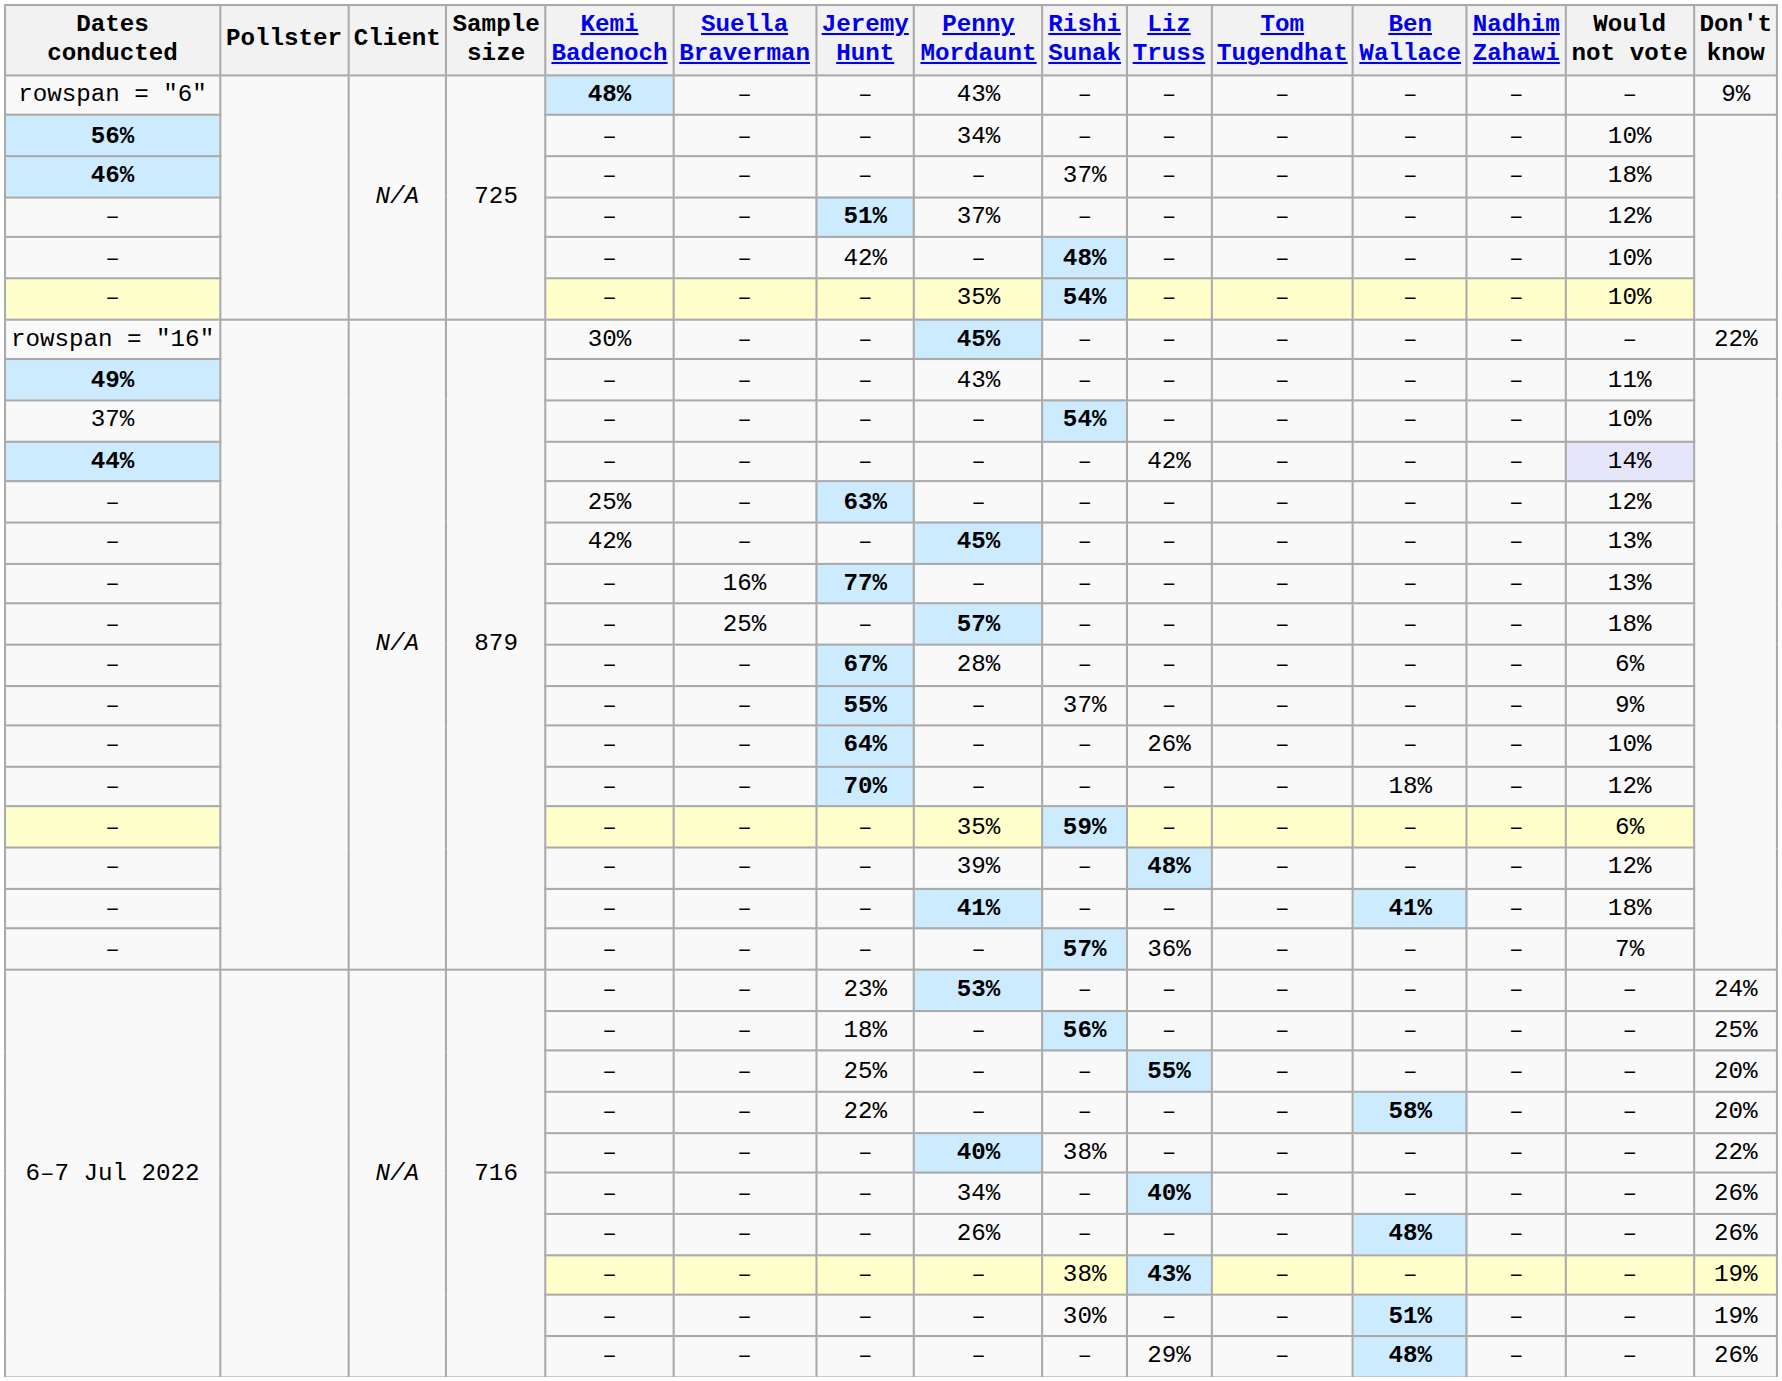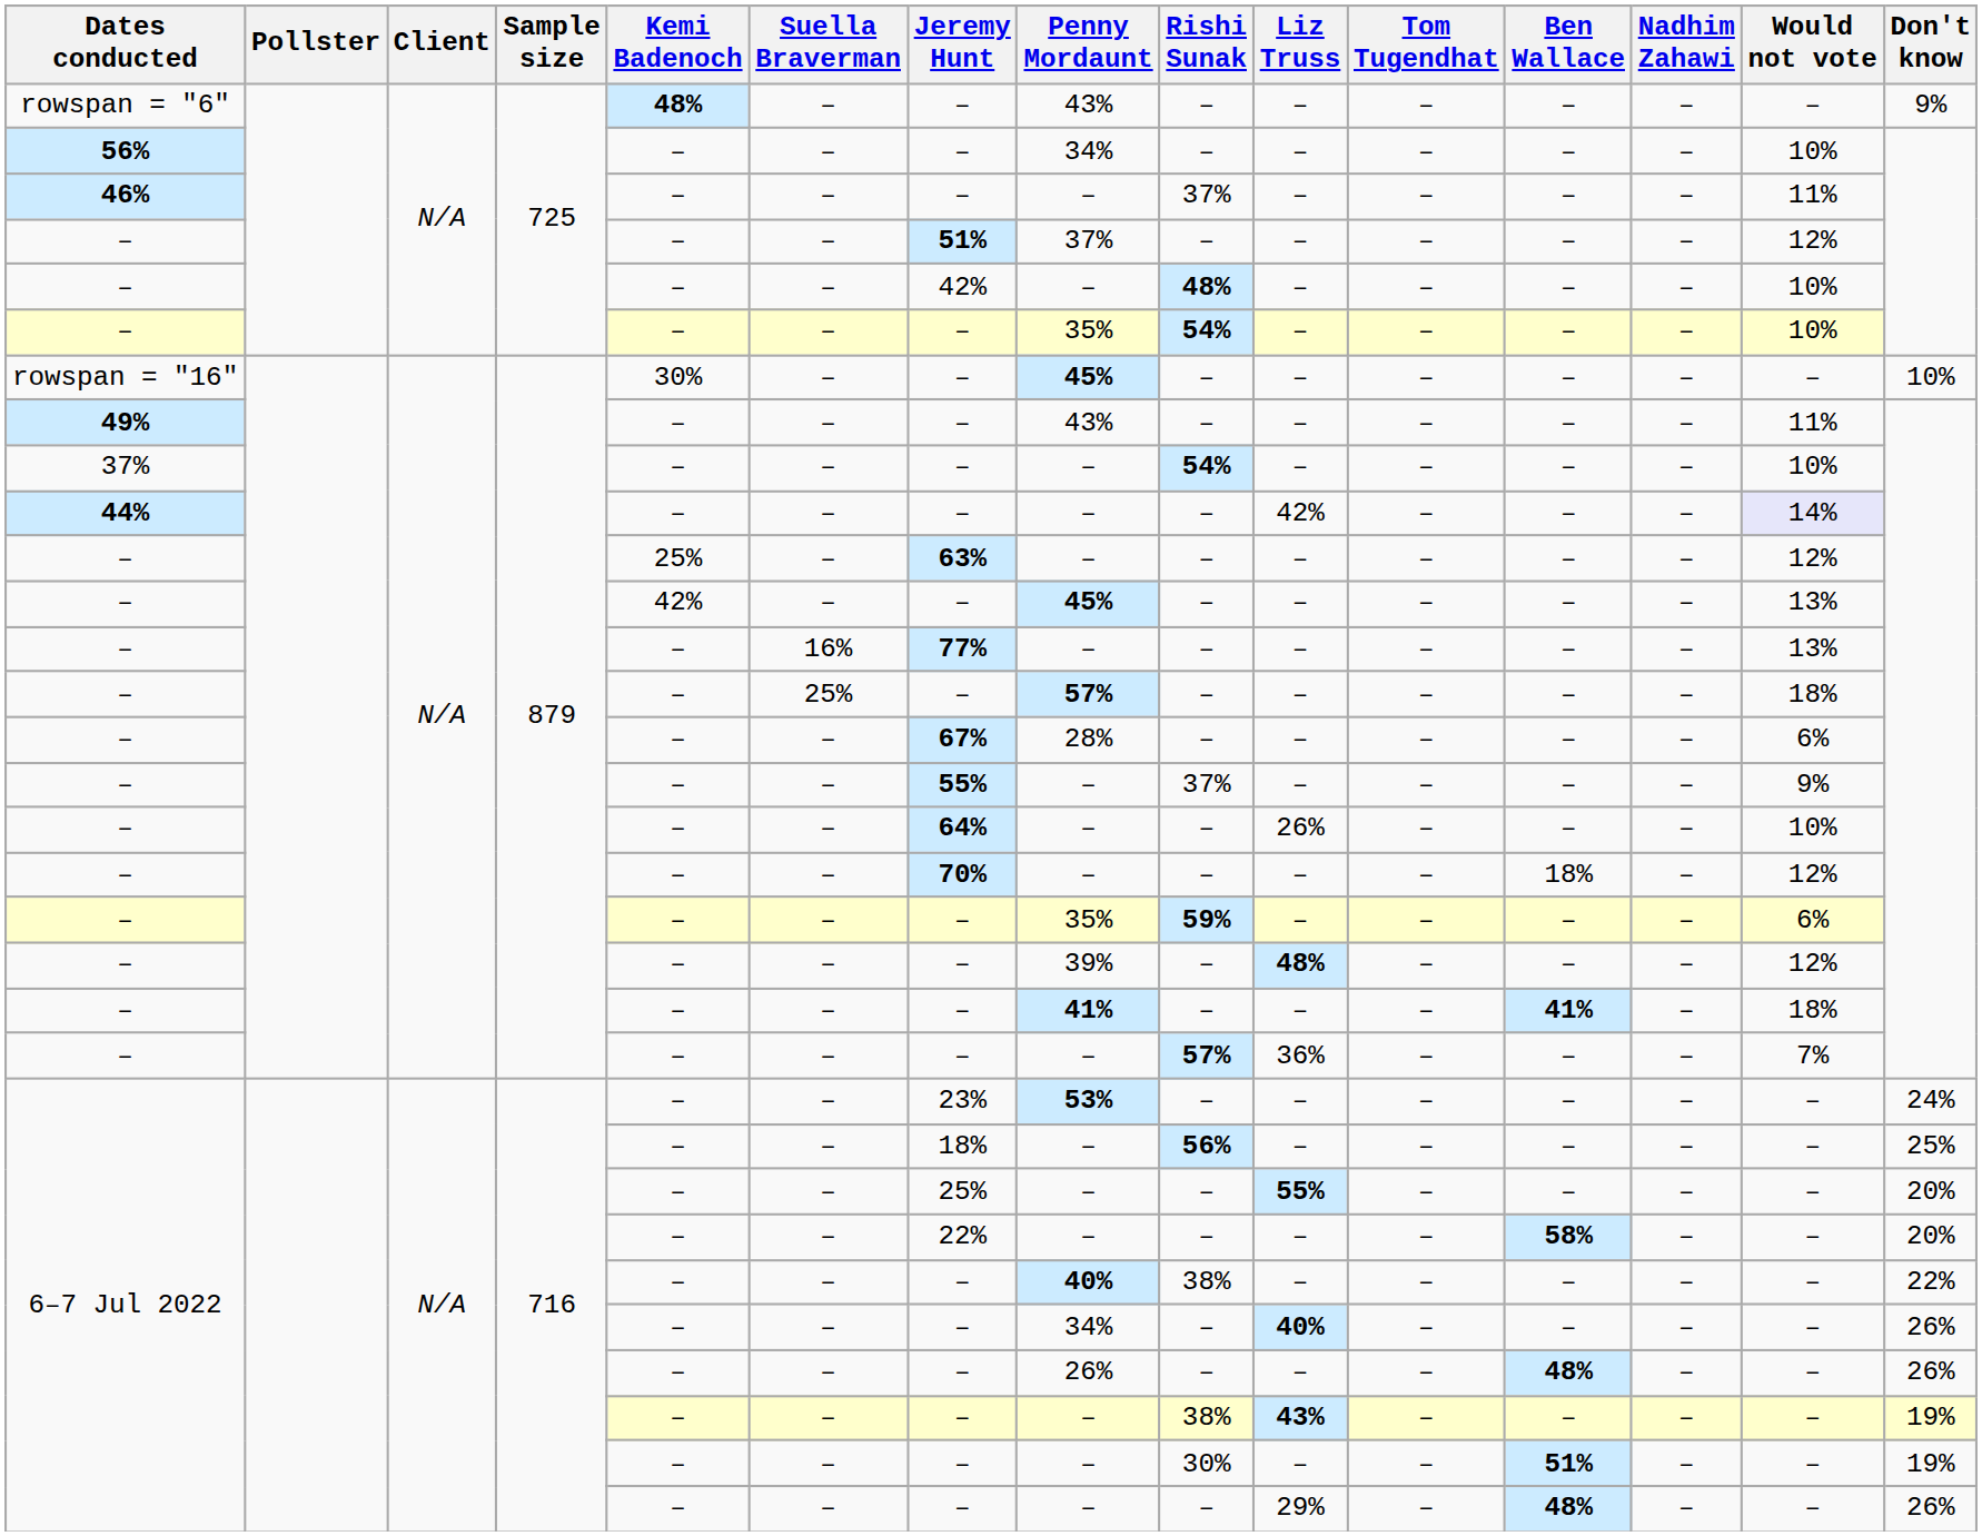 <table class="wikitable" style="font-size:90%;text-align:center">
 <tr>
 <th>Dates<br>conducted</th>
 <th>Pollster</th>
 <th>Client</th>
 <th>Sample<br>size</th>
 <th><a href='#'>Kemi<br>Badenoch</a></th>
 <th><a href='#'>Suella<br>Braverman</a></th>
 <th><a href='#'>Jeremy<br>Hunt</a></th>
 <th><a href='#'>Penny<br>Mordaunt</a></th>
 <th><a href='#'>Rishi<br>Sunak</a></th>
 <th><a href='#'>Liz<br>Truss</a></th>
 <th><a href='#'>Tom<br>Tugendhat</a></th>
 <th><a href='#'>Ben<br>Wallace</a></th>
 <th><a href='#'>Nadhim<br>Zahawi</a></th>
 <th>Would<br>not vote</th>
 <th>Don't<br>know</th>
 </tr>
 <tr>
 <td>rowspan = "6" </td>
 <td rowspan = "6"></td>
 <td rowspan = "6"><em>N/A</em></td>
 <td rowspan = "6">725</td>
 <td style = "background:#CCEBFF;color:black;"><strong>48%</strong></td>
 <td>–</td>
 <td>–</td>
 <td>43%</td>
 <td>–</td>
 <td>–</td>
 <td>–</td>
 <td>–</td>
 <td>–</td>
 <td>–</td>
 <td>9%</td>
 </tr>
 <tr>
 <td style = "background:#CCEBFF;color:black;"><strong>56%</strong></td>
 <td>–</td>
 <td>–</td>
 <td>–</td>
 <td>34%</td>
 <td>–</td>
 <td>–</td>
 <td>–</td>
 <td>–</td>
 <td>–</td>
 <td>10%</td>
 </tr>
 <tr>
 <td style = "background:#CCEBFF;color:black;"><strong>46%</strong></td>
 <td>–</td>
 <td>–</td>
 <td>–</td>
 <td>–</td>
 <td>37% </td>
 <td>–</td>
 <td>–</td>
 <td>–</td>
 <td>–</td>
-<td>18%</td>
+<td>11%</td>
 </tr>
 <tr>
 <td>–</td>
 <td>–</td>
 <td>–</td>
 <td style = "background:#CCEBFF;color:black;"><strong>51%</strong></td>
 <td>37%</td>
 <td>–</td>
 <td>–</td>
 <td>–</td>
 <td>–</td>
 <td>–</td>
 <td>12%</td>
 </tr>
 <tr>
 <td>–</td>
 <td>–</td>
 <td>–</td>
 <td>42%</td>
 <td>–</td>
 <td style = "background:#CCEBFF;color:black;"><strong>48%</strong></td>
 <td>–</td>
 <td>–</td>
 <td>–</td>
 <td>–</td>
 <td>10%</td>
 </tr>
 <tr style = "background:#FFFFCC;">
 <td>–</td>
 <td>–</td>
 <td>–</td>
 <td>–</td>
 <td>35%</td>
 <td style = "background:#CCEBFF;color:black;"><strong>54%</strong></td>
 <td>–</td>
 <td>–</td>
 <td>–</td>
 <td>–</td>
 <td>10%</td>
 </tr>
 <tr>
 <td>rowspan = "16" </td>
 <td rowspan = "16"></td>
 <td rowspan = "16"><em>N/A</em></td>
 <td rowspan = "16">879</td>
 <td>30% </td>
 <td>–</td>
 <td>–</td>
 <td style = "background:#CCEBFF;color:black;"><strong>45%</strong> </td>
 <td>–</td>
 <td>–</td>
 <td>–</td>
 <td>–</td>
 <td>–</td>
 <td>–</td>
-<td>22%</td>
+<td>10%</td>
 </tr>
 <tr>
 <td style = "background:#CCEBFF;color:black;"><strong>49%</strong> </td>
 <td>–</td>
 <td>–</td>
 <td>–</td>
 <td>43%</td>
 <td>–</td>
 <td>–</td>
 <td>–</td>
 <td>–</td>
 <td>–</td>
 <td>11%</td>
 </tr>
 <tr>
 <td>37% </td>
 <td>–</td>
 <td>–</td>
 <td>–</td>
 <td>–</td>
 <td style = "background:#CCEBFF;color:black;"><strong>54%</strong> </td>
 <td>–</td>
 <td>–</td>
 <td>–</td>
 <td>–</td>
 <td>10%</td>
 </tr>
 <tr>
 <td style = "background:#CCEBFF;color:black;"><strong>44%</strong> </td>
 <td>–</td>
 <td>–</td>
 <td>–</td>
 <td>–</td>
 <td>–</td>
 <td>42% </td>
 <td>–</td>
 <td>–</td>
 <td>–</td>
 <td style="background: lavender;">14%</td>
 </tr>
 <tr>
 <td>–</td>
 <td>25% </td>
 <td>–</td>
 <td style = "background:#CCEBFF;color:black;"><strong>63%</strong> </td>
 <td>–</td>
 <td>–</td>
 <td>–</td>
 <td>–</td>
 <td>–</td>
 <td>–</td>
 <td>12%</td>
 </tr>
 <tr>
 <td>–</td>
 <td>42% </td>
 <td>–</td>
 <td>–</td>
 <td style = "background:#CCEBFF;color:black;"><strong>45%</strong> </td>
 <td>–</td>
 <td>–</td>
 <td>–</td>
 <td>–</td>
 <td>–</td>
 <td>13%</td>
 </tr>
 <tr>
 <td>–</td>
 <td>–</td>
 <td>16% </td>
 <td style = "background:#CCEBFF;color:black;"><strong>77%</strong> </td>
 <td>–</td>
 <td>–</td>
 <td>–</td>
 <td>–</td>
 <td>–</td>
 <td>–</td>
 <td>13%</td>
 </tr>
 <tr>
 <td>–</td>
 <td>–</td>
 <td>25% </td>
 <td>–</td>
 <td style = "background:#CCEBFF;color:black;"><strong>57%</strong> </td>
 <td>–</td>
 <td>–</td>
 <td>–</td>
 <td>–</td>
 <td>–</td>
 <td>18%</td>
 </tr>
 <tr>
 <td>–</td>
 <td>–</td>
 <td>–</td>
 <td style = "background:#CCEBFF;color:black;"><strong>67%</strong> </td>
 <td>28% </td>
 <td>–</td>
 <td>–</td>
 <td>–</td>
 <td>–</td>
 <td>–</td>
 <td>6%</td>
 </tr>
 <tr>
 <td>–</td>
 <td>–</td>
 <td>–</td>
 <td style = "background:#CCEBFF;color:black;"><strong>55%</strong> </td>
 <td>–</td>
 <td>37% </td>
 <td>–</td>
 <td>–</td>
 <td>–</td>
 <td>–</td>
 <td>9%</td>
 </tr>
 <tr>
 <td>–</td>
 <td>–</td>
 <td>–</td>
 <td style = "background:#CCEBFF;color:black;"><strong>64%</strong> </td>
 <td>–</td>
 <td>–</td>
 <td>26% </td>
 <td>–</td>
 <td>–</td>
 <td>–</td>
 <td>10%</td>
 </tr>
 <tr>
 <td>–</td>
 <td>–</td>
 <td>–</td>
 <td style = "background:#CCEBFF;color:black;"><strong>70%</strong> </td>
 <td>–</td>
 <td>–</td>
 <td>–</td>
 <td>–</td>
 <td>18% </td>
 <td>–</td>
 <td>12%</td>
 </tr>
 <tr style = "background:#FFFFCC;">
 <td>–</td>
 <td>–</td>
 <td>–</td>
 <td>–</td>
 <td>35% </td>
 <td style = "background:#CCEBFF;color:black;"><strong>59%</strong> </td>
 <td>–</td>
 <td>–</td>
 <td>–</td>
 <td>–</td>
 <td>6%</td>
 </tr>
 <tr>
 <td>–</td>
 <td>–</td>
 <td>–</td>
 <td>–</td>
 <td>39% </td>
 <td>–</td>
 <td style = "background:#CCEBFF;color:black;"><strong>48%</strong> </td>
 <td>–</td>
 <td>–</td>
 <td>–</td>
 <td>12%</td>
 </tr>
 <tr>
 <td>–</td>
 <td>–</td>
 <td>–</td>
 <td>–</td>
 <td style = "background:#CCEBFF;color:black;"><strong>41%</strong> </td>
 <td>–</td>
 <td>–</td>
 <td>–</td>
 <td style = "background:#CCEBFF;color:black;"><strong>41%</strong> </td>
 <td>–</td>
 <td>18%</td>
 </tr>
 <tr>
 <td>–</td>
 <td>–</td>
 <td>–</td>
 <td>–</td>
 <td>–</td>
 <td style = "background:#CCEBFF;color:black;"><strong>57%</strong> </td>
 <td>36% </td>
 <td>–</td>
 <td>–</td>
 <td>–</td>
 <td>7%</td>
 </tr>
 <tr>
 <td rowspan = "10">6–7 Jul 2022</td>
 <td rowspan = "10"></td>
 <td rowspan = "10"><em>N/A</em></td>
 <td rowspan = "10">716</td>
 <td>–</td>
 <td>–</td>
 <td>23% </td>
 <td style = "background:#CCEBFF;color:black;"><strong>53%</strong> </td>
 <td>–</td>
 <td>–</td>
 <td>–</td>
 <td>–</td>
 <td>–</td>
 <td>–</td>
 <td>24%</td>
 </tr>
 <tr>
 <td>–</td>
 <td>–</td>
 <td>18% </td>
 <td>–</td>
 <td style = "background:#CCEBFF;color:black;"><strong>56%</strong> </td>
 <td>–</td>
 <td>–</td>
 <td>–</td>
 <td>–</td>
 <td>–</td>
 <td>25%</td>
 </tr>
 <tr>
 <td>–</td>
 <td>–</td>
 <td>25% </td>
 <td>–</td>
 <td>–</td>
 <td style = "background:#CCEBFF;color:black;"><strong>55%</strong> </td>
 <td>–</td>
 <td>–</td>
 <td>–</td>
 <td>–</td>
 <td>20%</td>
 </tr>
 <tr>
 <td>–</td>
 <td>–</td>
 <td>22% </td>
 <td>–</td>
 <td>–</td>
 <td>–</td>
 <td>–</td>
 <td style = "background:#CCEBFF;color:black;"><strong>58%</strong> </td>
 <td>–</td>
 <td>–</td>
 <td>20%</td>
 </tr>
 <tr>
 <td>–</td>
 <td>–</td>
 <td>–</td>
 <td style = "background:#CCEBFF;color:black;"><strong>40%</strong> </td>
 <td>38% </td>
 <td>–</td>
 <td>–</td>
 <td>–</td>
 <td>–</td>
 <td>–</td>
 <td>22%</td>
 </tr>
 <tr>
 <td>–</td>
 <td>–</td>
 <td>–</td>
 <td>34% </td>
 <td>–</td>
 <td style = "background:#CCEBFF;color:black;"><strong>40%</strong> </td>
 <td>–</td>
 <td>–</td>
 <td>–</td>
 <td>–</td>
 <td>26%</td>
 </tr>
 <tr>
 <td>–</td>
 <td>–</td>
 <td>–</td>
 <td>26% </td>
 <td>–</td>
 <td>–</td>
 <td>–</td>
 <td style = "background:#CCEBFF;color:black;"><strong>48%</strong> </td>
 <td>–</td>
 <td>–</td>
 <td>26%</td>
 </tr>
 <tr style = "background:#FFFFCC;">
 <td>–</td>
 <td>–</td>
 <td>–</td>
 <td>–</td>
 <td>38% </td>
 <td style = "background:#CCEBFF;color:black;"><strong>43%</strong> </td>
 <td>–</td>
 <td>–</td>
 <td>–</td>
 <td>–</td>
 <td>19%</td>
 </tr>
 <tr>
 <td>–</td>
 <td>–</td>
 <td>–</td>
 <td>–</td>
 <td>30% </td>
 <td>–</td>
 <td>–</td>
 <td style = "background:#CCEBFF;color:black;"><strong>51%</strong> </td>
 <td>–</td>
 <td>–</td>
 <td>19%</td>
 </tr>
 <tr>
 <td>–</td>
 <td>–</td>
 <td>–</td>
 <td>–</td>
 <td>–</td>
 <td>29% </td>
 <td>–</td>
 <td style = "background:#CCEBFF;color:black;"><strong>48%</strong> </td>
 <td>–</td>
 <td>–</td>
 <td>26%</td>
 </tr>
 </table>
